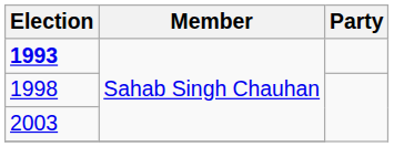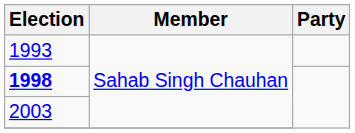 <table class="wikitable sortable">
 <tr>
 <th>Election</th>
 <th>Member</th>
 <th colspan="2">Party</th>
 </tr>
 <tr>
-<td><strong><a href='#'>1993</a></strong></td>
+<td><a href='#'>1993</a></td>
 <td rowspan=3><a href='#'>Sahab Singh Chauhan</a></td>
 <td></td>
 </tr>
 <tr>
-<td><a href='#'>1998</a></td>
+<td><strong><a href='#'>1998</a></strong></td>
 </tr>
 <tr>
 <td><a href='#'>2003</a></td>
 </tr>
 <tr>
 </tr>
 </table>
